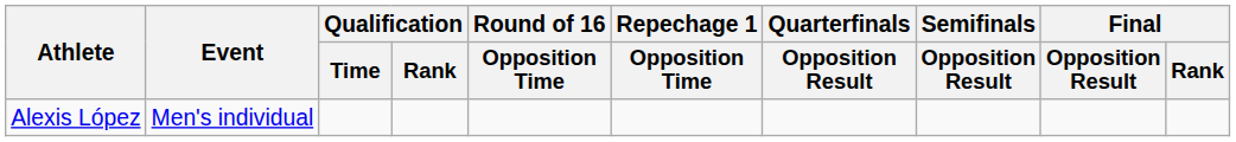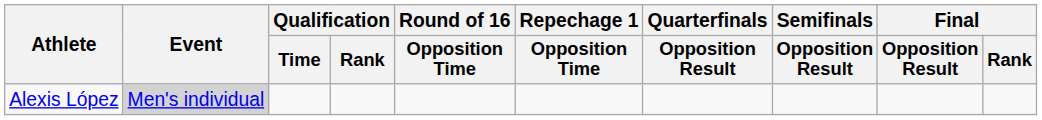 <table class=wikitable style="font-size:90%;">
 <tr>
 <th rowspan=2>Athlete</th>
 <th rowspan=2>Event</th>
 <th colspan=2>Qualification</th>
 <th>Round of 16</th>
 <th>Repechage 1</th>
 <th>Quarterfinals</th>
 <th>Semifinals</th>
 <th colspan=2>Final</th>
 </tr>
 <tr style="font-size:95%">
 <th>Time</th>
 <th>Rank</th>
 <th>Opposition<br>Time</th>
 <th>Opposition<br>Time</th>
 <th>Opposition<br>Result</th>
 <th>Opposition<br>Result</th>
 <th>Opposition<br>Result</th>
 <th>Rank</th>
 </tr>
 <tr align=center>
 <td align=left><a href='#'>Alexis López</a></td>
-<td align=left><a href='#'>Men's individual</a></td>
+<td align=left style="background: lightgrey;"><a href='#'>Men's individual</a></td>
 <td></td>
 <td></td>
 <td></td>
 <td></td>
 <td></td>
 <td></td>
 <td></td>
 <td></td>
 </tr>
 </table>
